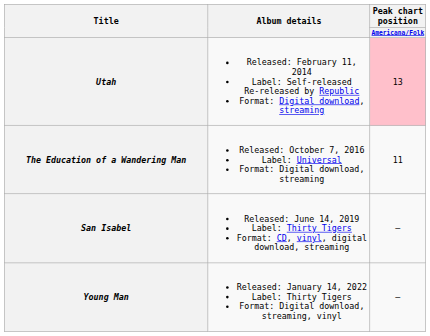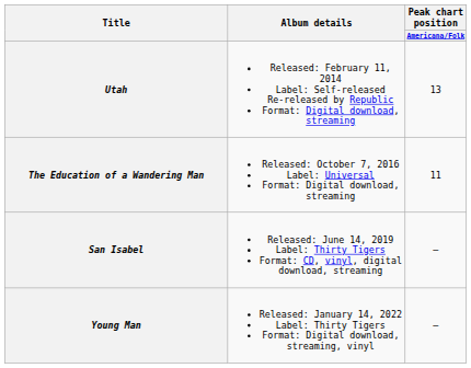 <table class="wikitable plainrowheaders" style="text-align:center;" border="1">
 <tr>
 <th scope="col" rowspan="2" style="width:24em;">Title</th>
 <th scope="col" rowspan="2" style="width:19em;">Album details</th>
 <th scope="col" colspan="2">Peak chart position</th>
 </tr>
 <tr>
 <th scope="col" style="width:3em;font-size:75%;"><a href='#'>Americana/Folk</a><br> </th>
 </tr>
 <tr>
 <th scope="row"><em>Utah</em></th>
 <td><br><ul><li>Released: February 11, 2014</li><li>Label: Self-released<br> Re-released by <a href='#'>Republic</a></li><li>Format: <a href='#'>Digital download</a>, <a href='#'>streaming</a></li></ul></td>
-<td style="background: pink;">13</td>
+<td>13</td>
 </tr>
 <tr>
 <th scope="row"><em>The Education of a Wandering Man</em></th>
 <td><br><ul><li>Released: October 7, 2016</li><li>Label: <a href='#'>Universal</a></li><li>Format: Digital download, streaming</li></ul></td>
 <td>11</td>
 </tr>
 <tr>
 <th scope="row"><em>San Isabel</em></th>
 <td><br><ul><li>Released: June 14, 2019</li><li>Label: <a href='#'>Thirty Tigers</a></li><li>Format: <a href='#'>CD</a>, <a href='#'>vinyl</a>, digital download, streaming</li></ul></td>
 <td>—</td>
 </tr>
 <tr>
 <th scope="row"><em>Young Man</em></th>
 <td><br><ul><li>Released: January 14, 2022</li><li>Label: Thirty Tigers</li><li>Format: Digital download, streaming, vinyl</li></ul></td>
 <td>—</td>
 </tr>
 </table>
